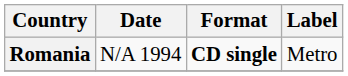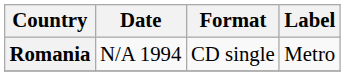 <table class="wikitable plainrowheaders unsortable">
 <tr>
 <th>Country</th>
 <th>Date</th>
 <th>Format</th>
 <th>Label</th>
 </tr>
 <tr>
 <th scope="row">Romania</th>
 <td rowspan="1">N/A 1994</td>
-<td rowspan="1"><strong>CD single</strong></td>
+<td rowspan="1">CD single</td>
 <td rowspan="1">Metro</td>
 </tr>
 <tr>
 </tr>
 </table>
